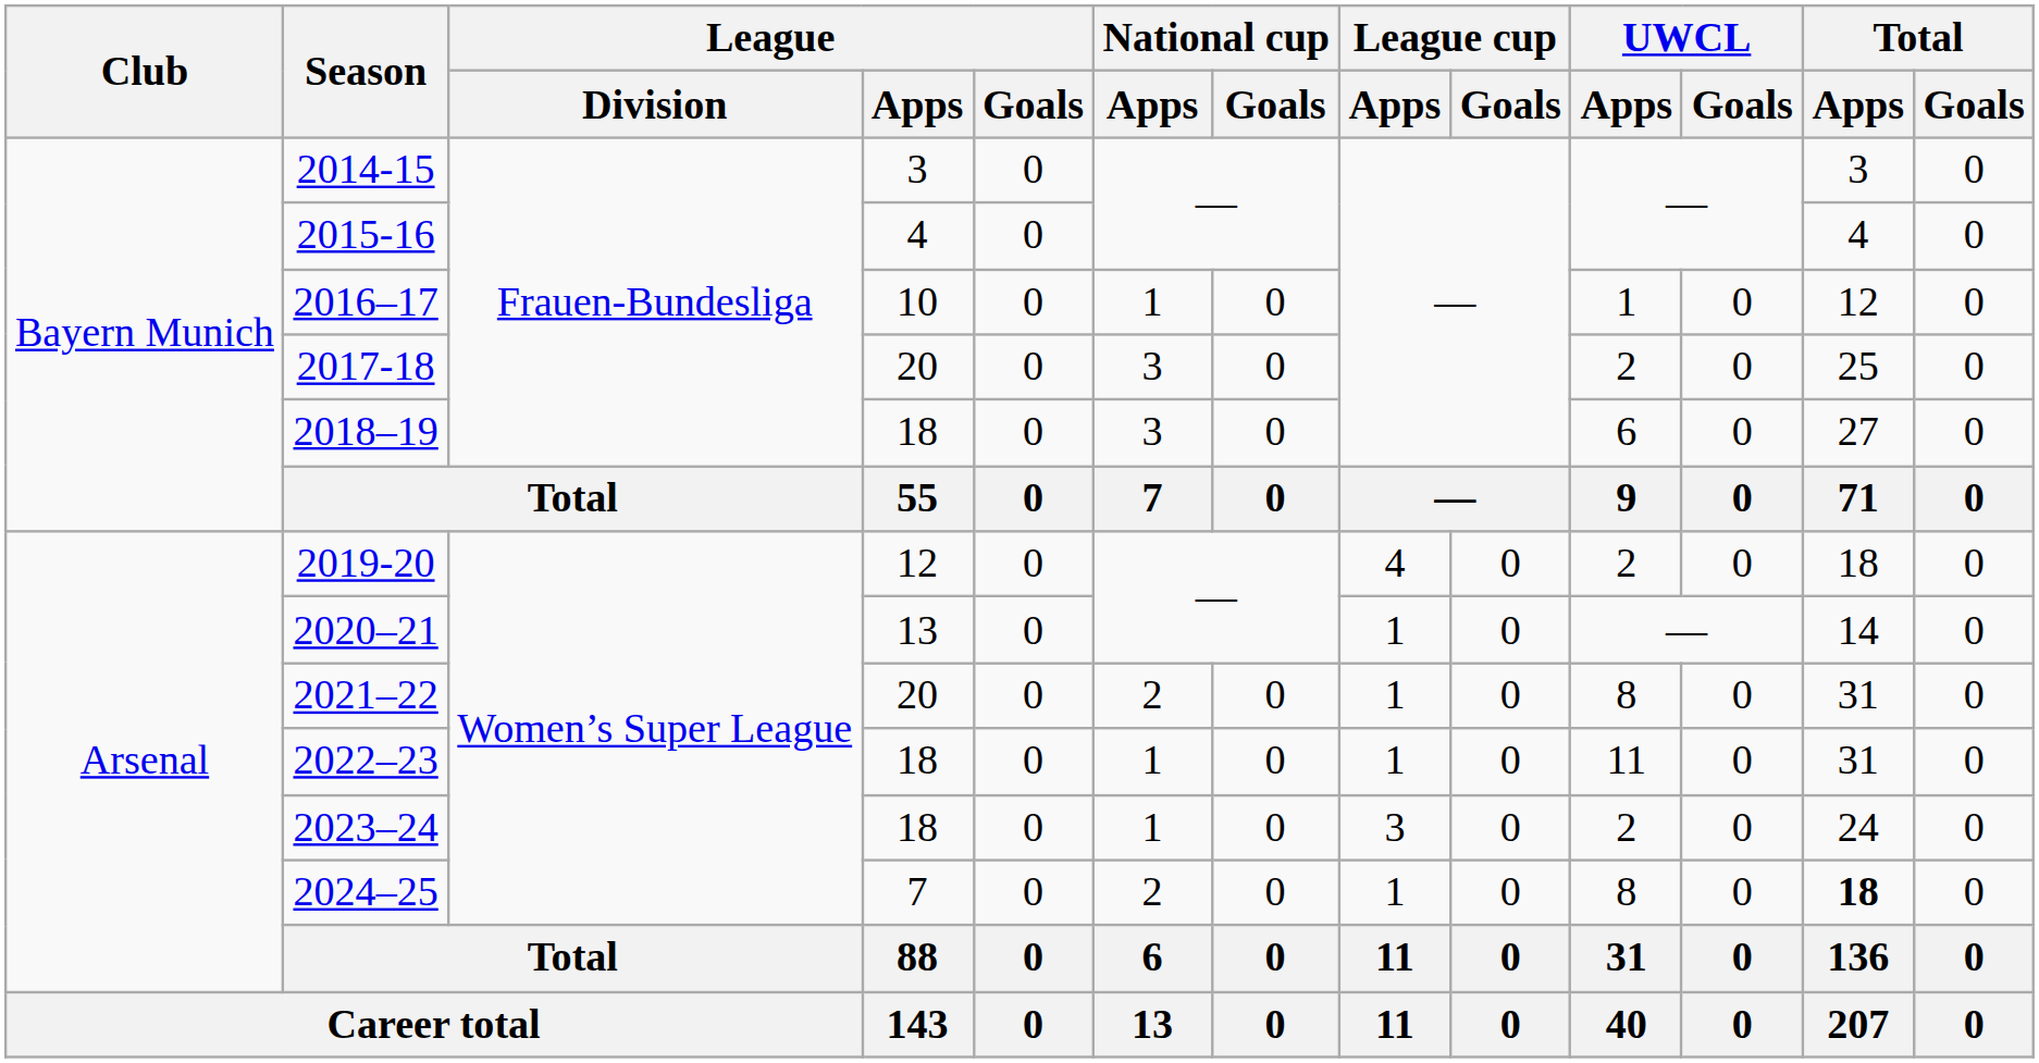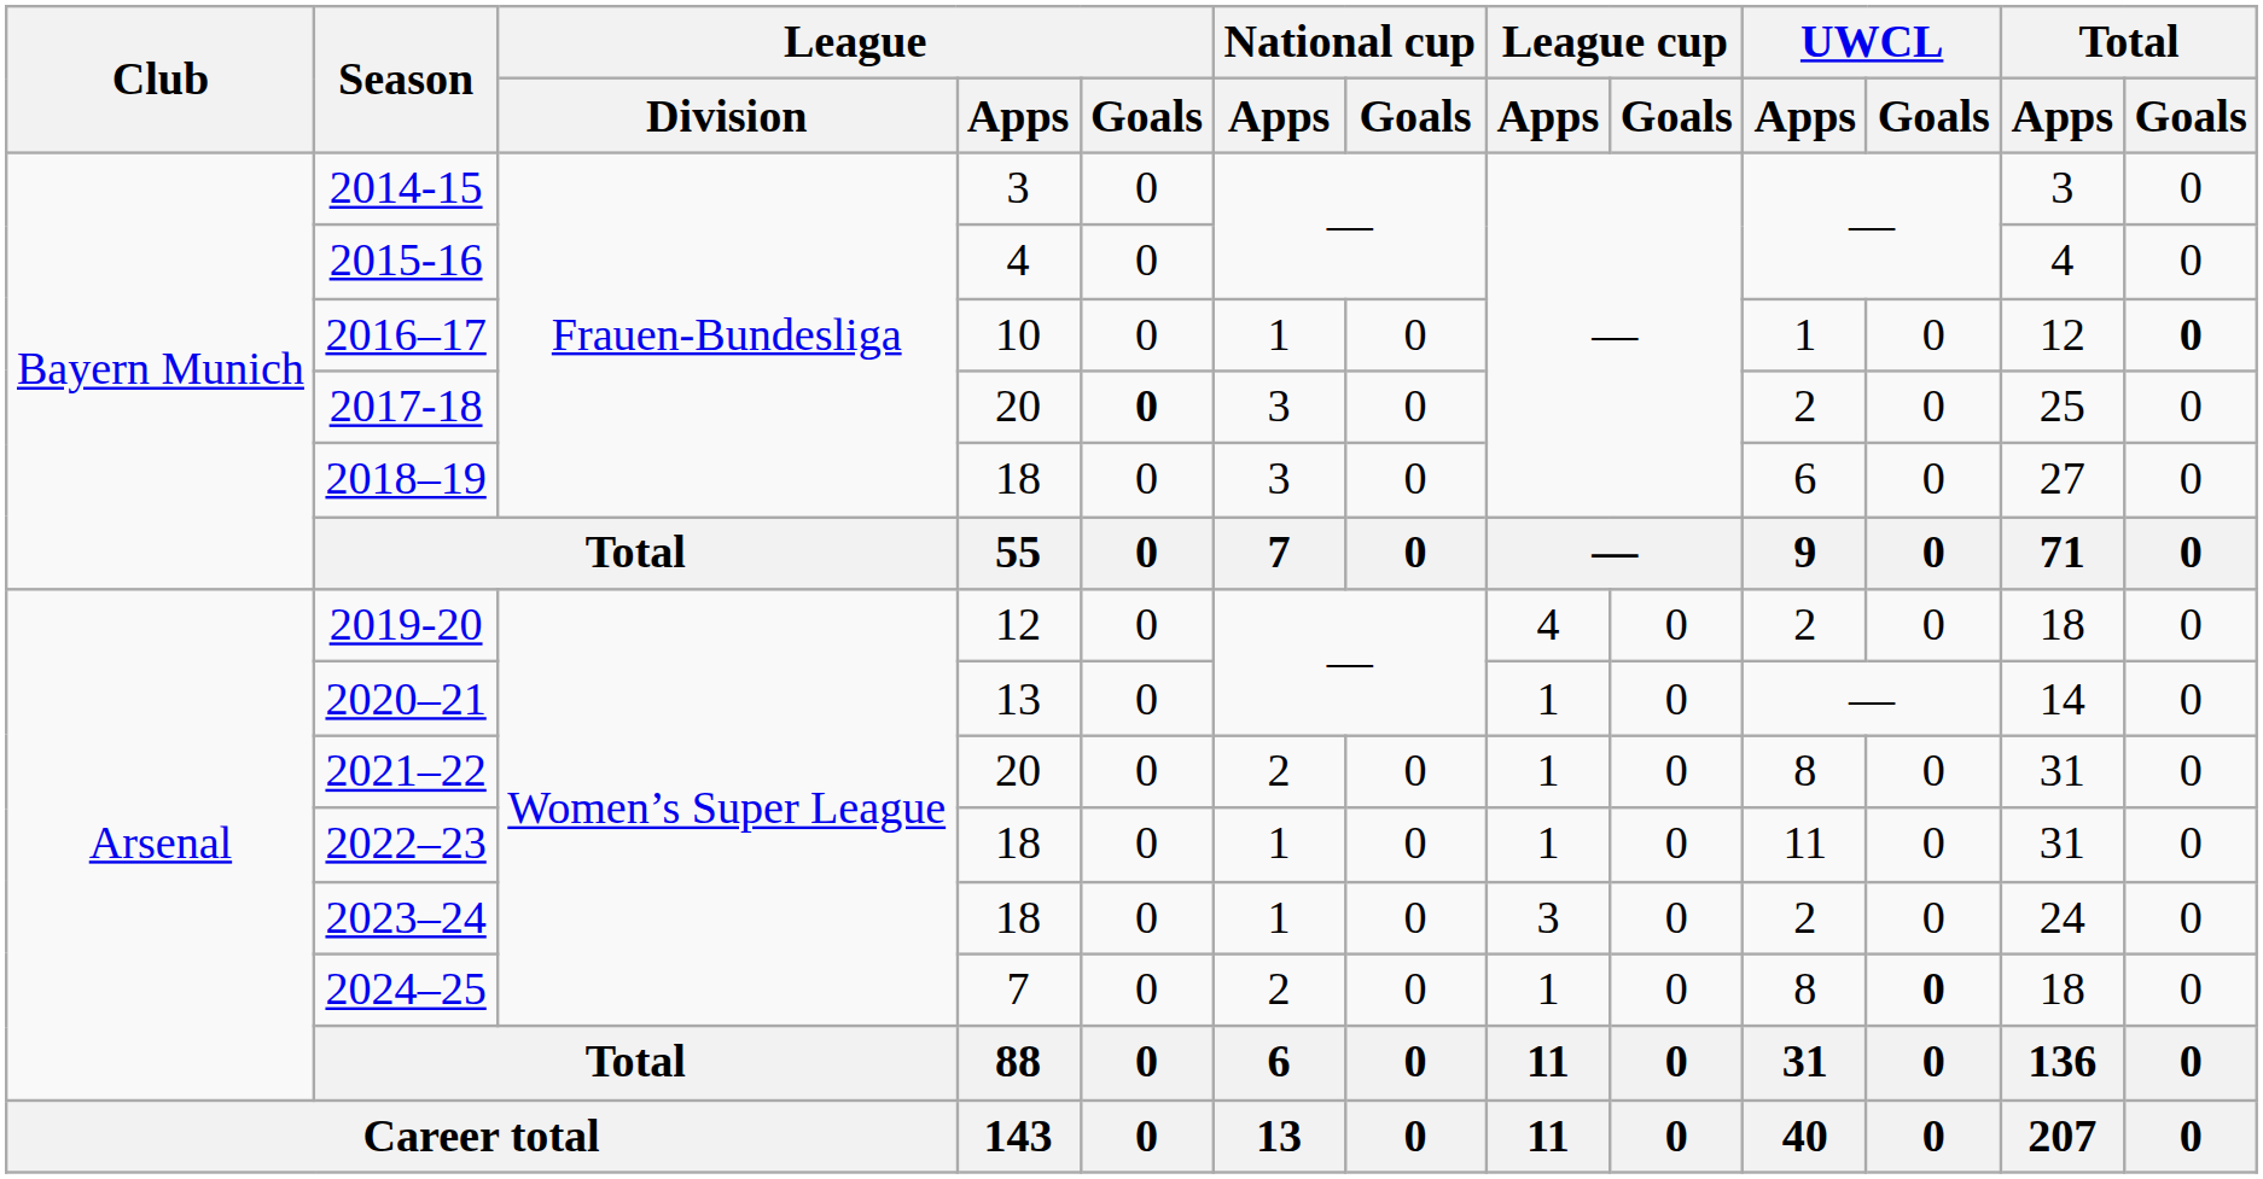 <table class="wikitable" style="text-align:center">
 <tr>
 <th rowspan="2">Club</th>
 <th rowspan="2">Season</th>
 <th colspan="3">League</th>
 <th colspan="2">National cup</th>
 <th colspan="2">League cup</th>
 <th colspan="2"><a href='#'>UWCL</a></th>
 <th colspan="2">Total</th>
 </tr>
 <tr>
 <th>Division</th>
 <th>Apps</th>
 <th>Goals</th>
 <th>Apps</th>
 <th>Goals</th>
 <th>Apps</th>
 <th>Goals</th>
 <th>Apps</th>
 <th>Goals</th>
 <th>Apps</th>
 <th>Goals</th>
 </tr>
 <tr>
 <td rowspan="6"><a href='#'>Bayern Munich</a></td>
 <td><a href='#'>2014-15</a></td>
 <td rowspan="5"><a href='#'>Frauen-Bundesliga</a></td>
 <td>3</td>
 <td>0</td>
 <td colspan="2" rowspan="2">—</td>
 <td colspan="2" rowspan="5">—</td>
 <td colspan="2" rowspan="2">—</td>
 <td>3</td>
 <td>0</td>
 </tr>
 <tr>
 <td><a href='#'>2015-16</a></td>
 <td>4</td>
 <td>0</td>
 <td>4</td>
 <td>0</td>
 </tr>
 <tr>
 <td><a href='#'>2016–17</a></td>
 <td>10</td>
 <td>0</td>
 <td>1</td>
 <td>0</td>
 <td>1</td>
 <td>0</td>
 <td>12</td>
-<td>0</td>
+<td><strong>0</strong></td>
 </tr>
 <tr>
 <td><a href='#'>2017-18</a></td>
 <td>20</td>
-<td>0</td>
+<td><strong>0</strong></td>
 <td>3</td>
 <td>0</td>
 <td>2</td>
 <td>0</td>
 <td>25</td>
 <td>0</td>
 </tr>
 <tr>
 <td><a href='#'>2018–19</a></td>
 <td>18</td>
 <td>0</td>
 <td>3</td>
 <td>0</td>
 <td>6</td>
 <td>0</td>
 <td>27</td>
 <td>0</td>
 </tr>
 <tr>
 <th colspan="2">Total</th>
 <th>55</th>
 <th>0</th>
 <th>7</th>
 <th>0</th>
 <th colspan="2">—</th>
 <th>9</th>
 <th>0</th>
 <th>71</th>
 <th>0</th>
 </tr>
 <tr>
 <td rowspan="7"><a href='#'>Arsenal</a></td>
 <td><a href='#'>2019-20</a></td>
 <td rowspan="6"><a href='#'>Women’s Super League</a></td>
 <td>12</td>
 <td>0</td>
 <td colspan="2" rowspan="2">—</td>
 <td>4</td>
 <td>0</td>
 <td>2</td>
 <td>0</td>
 <td>18</td>
 <td>0</td>
 </tr>
 <tr>
 <td><a href='#'>2020–21</a></td>
 <td>13</td>
 <td>0</td>
 <td>1</td>
 <td>0</td>
 <td colspan="2">—</td>
 <td>14</td>
 <td>0</td>
 </tr>
 <tr>
 <td><a href='#'>2021–22</a></td>
 <td>20</td>
 <td>0</td>
 <td>2</td>
 <td>0</td>
 <td>1</td>
 <td>0</td>
 <td>8</td>
 <td>0</td>
 <td>31</td>
 <td>0</td>
 </tr>
 <tr>
 <td><a href='#'>2022–23</a></td>
 <td>18</td>
 <td>0</td>
 <td>1</td>
 <td>0</td>
 <td>1</td>
 <td>0</td>
 <td>11</td>
 <td>0</td>
 <td>31</td>
 <td>0</td>
 </tr>
 <tr>
 <td><a href='#'>2023–24</a></td>
 <td>18</td>
 <td>0</td>
 <td>1</td>
 <td>0</td>
 <td>3</td>
 <td>0</td>
 <td>2</td>
 <td>0</td>
 <td>24</td>
 <td>0</td>
 </tr>
 <tr>
 <td><a href='#'>2024–25</a></td>
 <td>7</td>
 <td>0</td>
 <td>2</td>
 <td>0</td>
 <td>1</td>
 <td>0</td>
 <td>8</td>
-<td>0</td>
-<td><strong>18</strong></td>
+<td><strong>0</strong></td>
+<td>18</td>
 <td>0</td>
 </tr>
 <tr>
 <th colspan="2">Total</th>
 <th>88</th>
 <th>0</th>
 <th>6</th>
 <th>0</th>
 <th>11</th>
 <th>0</th>
 <th>31</th>
 <th>0</th>
 <th>136</th>
 <th>0</th>
 </tr>
 <tr>
 <th colspan="3">Career total</th>
 <th>143</th>
 <th>0</th>
 <th>13</th>
 <th>0</th>
 <th>11</th>
 <th>0</th>
 <th>40</th>
 <th>0</th>
 <th>207</th>
 <th>0</th>
 </tr>
 </table>
